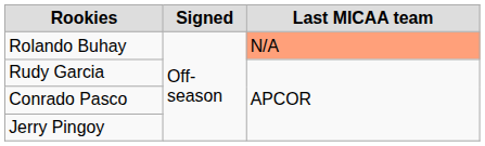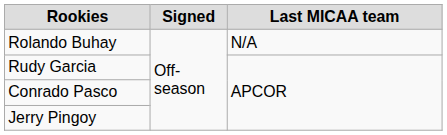 <table class="wikitable sortable sortable">
 <tr align="center" bgcolor="#dddddd">
 <td style="width:140px"><strong>Rookies</strong></td>
 <td style="width:70px"><strong>Signed</strong></td>
 <td style="width:210px"><strong>Last MICAA team</strong></td>
 </tr>
 <tr>
 <td>Rolando Buhay</td>
 <td rowspan="4">Off-season</td>
-<td style="background: lightsalmon;">N/A</td>
+<td>N/A</td>
 </tr>
 <tr>
 <td>Rudy Garcia</td>
 <td rowspan="3">APCOR</td>
 </tr>
 <tr>
 <td>Conrado Pasco</td>
 </tr>
 <tr>
 <td>Jerry Pingoy</td>
 </tr>
 </table>
